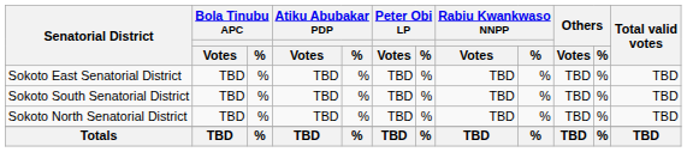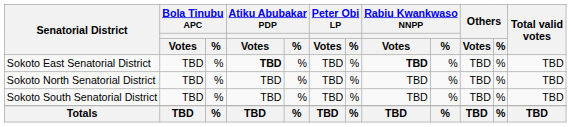 <table class="wikitable sortable" style="text-align:right; font-size:90%">
 <tr>
 <th rowspan="3" style="max-width:7.5em;">Senatorial District</th>
 <th colspan="2"><a href='#'>Bola Tinubu</a><br><small>APC</small></th>
 <th colspan="2"><a href='#'>Atiku Abubakar</a><br><small>PDP</small></th>
 <th colspan="2"><a href='#'>Peter Obi</a><br><small>LP</small></th>
 <th colspan="2"><a href='#'>Rabiu Kwankwaso</a><br><small>NNPP</small></th>
 <th colspan="2" rowspan="2">Others</th>
 <th rowspan="3" style="max-width:5em;">Total valid votes</th>
 </tr>
 <tr>
 <th colspan=2 style="background-color:"></th>
 <th colspan=2 style="background-color:"></th>
 <th colspan=2 style="background-color:"></th>
 <th colspan=2 style="background-color:"></th>
 </tr>
 <tr>
 <th>Votes</th>
 <th>%</th>
 <th>Votes</th>
 <th>%</th>
 <th>Votes</th>
 <th>%</th>
 <th>Votes</th>
 <th>%</th>
 <th>Votes</th>
 <th>%</th>
 </tr>
 <tr style="background-color:#">
 <td style="text-align:left;">Sokoto East Senatorial District</td>
 <td>TBD</td>
 <td>%</td>
-<td>TBD</td>
+<td><strong>TBD</strong></td>
 <td>%</td>
 <td>TBD</td>
 <td>%</td>
-<td>TBD</td>
+<td><strong>TBD</strong></td>
 <td>%</td>
 <td>TBD</td>
 <td>%</td>
 <td>TBD</td>
 </tr>
 <tr style="background-color:#">
-<td style="text-align:left;">Sokoto South Senatorial District</td>
+<td style="text-align:left;">Sokoto North Senatorial District</td>
 <td>TBD</td>
 <td>%</td>
 <td>TBD</td>
 <td>%</td>
 <td>TBD</td>
 <td>%</td>
 <td>TBD</td>
 <td>%</td>
 <td>TBD</td>
 <td>%</td>
 <td>TBD</td>
 </tr>
 <tr style="background-color:#">
-<td style="text-align:left;">Sokoto North Senatorial District</td>
+<td style="text-align:left;">Sokoto South Senatorial District</td>
 <td>TBD</td>
 <td>%</td>
 <td>TBD</td>
 <td>%</td>
 <td>TBD</td>
 <td>%</td>
 <td>TBD</td>
 <td>%</td>
 <td>TBD</td>
 <td>%</td>
 <td>TBD</td>
 </tr>
 <tr>
 </tr>
 <tr>
 <th>Totals</th>
 <th>TBD</th>
 <th>%</th>
 <th>TBD</th>
 <th>%</th>
 <th>TBD</th>
 <th>%</th>
 <th>TBD</th>
 <th>%</th>
 <th>TBD</th>
 <th>%</th>
 <th>TBD</th>
 </tr>
 </table>
